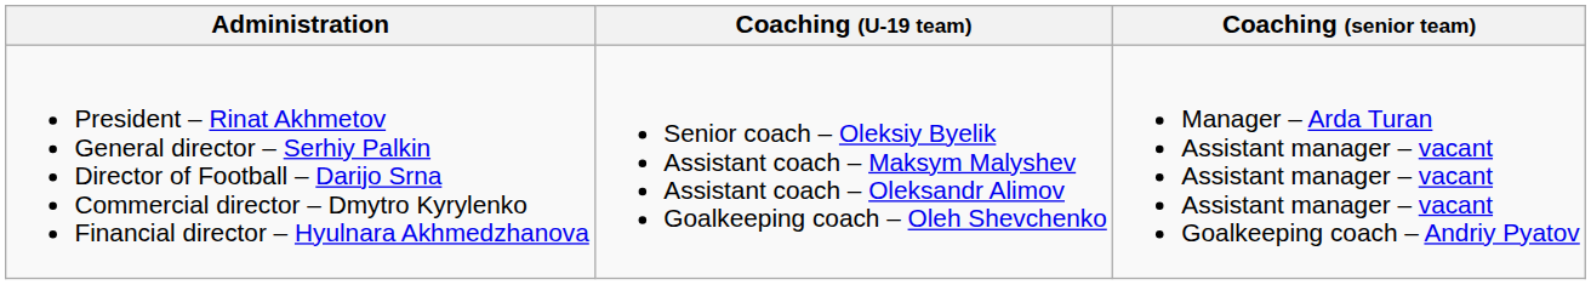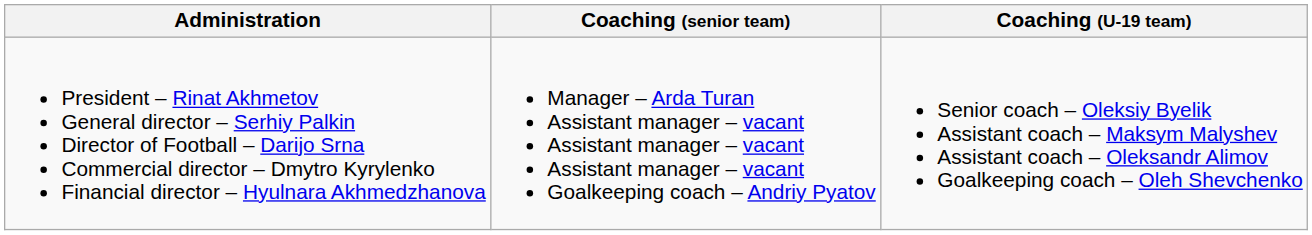 <table class="wikitable">
 <tr>
 <th>Administration </th>
+<th>Coaching <small>(senior team)</small></th>
 <th>Coaching <small>(U-19 team)</small></th>
-<th>Coaching <small>(senior team)</small></th>
 </tr>
 <tr>
 <td><br><ul><li>President            –  <a href='#'>Rinat Akhmetov</a></li><li>General director     –  <a href='#'>Serhiy Palkin</a></li><li>Director of Football –  <a href='#'>Darijo Srna</a></li><li>Commercial director  –  Dmytro Kyrylenko</li><li>Financial director   –  <a href='#'>Hyulnara Akhmedzhanova</a></li></ul></td>
+<td><br><ul><li>Manager              –  <a href='#'>Arda Turan</a></li><li>Assistant manager    – <a href='#'>vacant</a></li><li>Assistant manager    – <a href='#'>vacant</a></li><li>Assistant manager    – <a href='#'>vacant</a></li><li>Goalkeeping coach    –  <a href='#'>Andriy Pyatov</a></li></ul></td>
 <td><br><ul><li>Senior coach         –  <a href='#'>Oleksiy Byelik</a></li><li>Assistant coach      –  <a href='#'>Maksym Malyshev</a></li><li>Assistant coach      –  <a href='#'>Oleksandr Alimov</a></li><li>Goalkeeping coach    –  <a href='#'>Oleh Shevchenko</a></li></ul></td>
-<td><br><ul><li>Manager              –  <a href='#'>Arda Turan</a></li><li>Assistant manager    – <a href='#'>vacant</a></li><li>Assistant manager    – <a href='#'>vacant</a></li><li>Assistant manager    – <a href='#'>vacant</a></li><li>Goalkeeping coach    –  <a href='#'>Andriy Pyatov</a></li></ul></td>
 </tr>
 </table>
